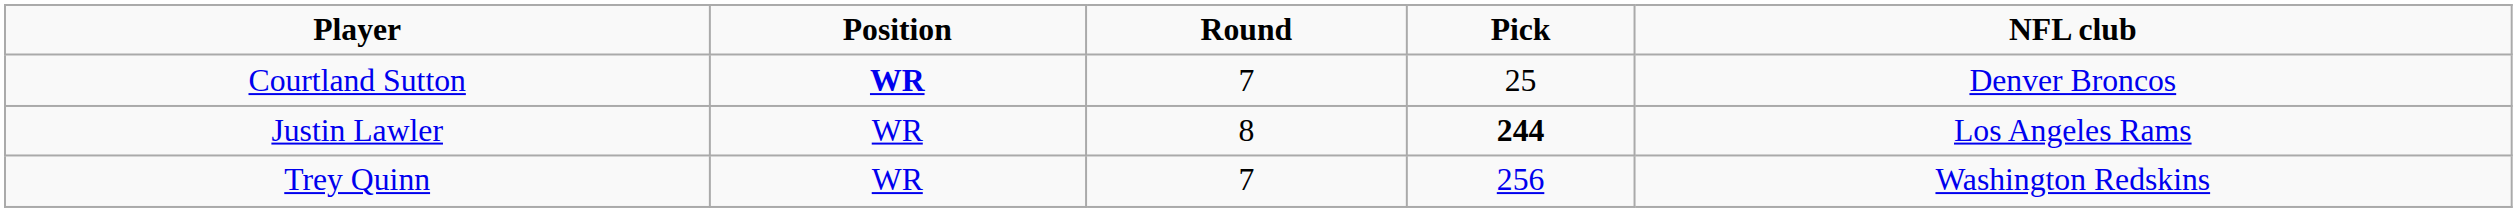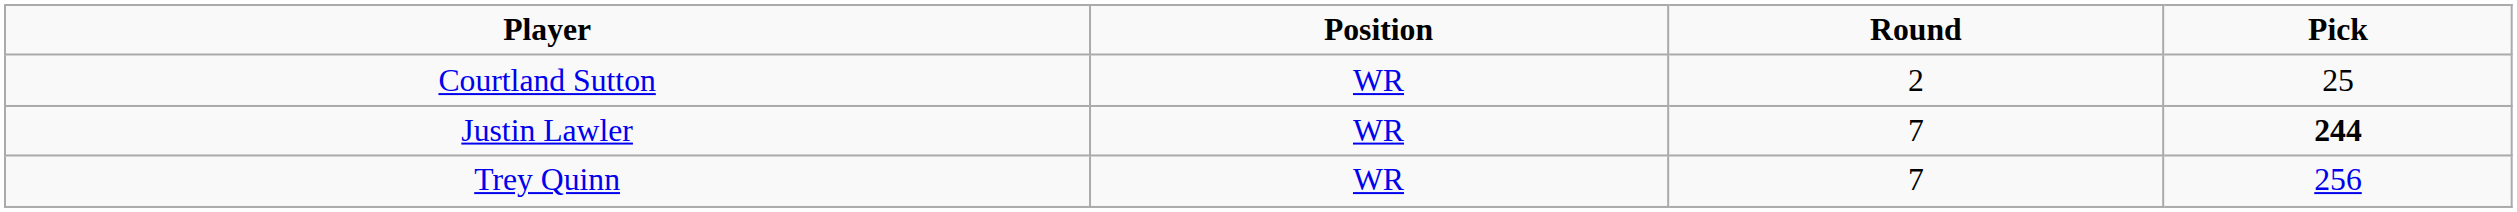 <table class="wikitable" width="80%">
 <tr align="center">
 <td><strong>Player</strong></td>
 <td><strong>Position</strong></td>
 <td><strong>Round</strong></td>
 <td><strong>Pick</strong></td>
-<td><strong>NFL club</strong></td>
 </tr>
 <tr align="center" bgcolor="">
 <td><a href='#'>Courtland Sutton</a></td>
-<td><strong><a href='#'>WR</a></strong></td>
-<td>7</td>
+<td><a href='#'>WR</a></td>
+<td>2</td>
 <td>25</td>
-<td><a href='#'>Denver Broncos</a></td>
 </tr>
 <tr align="center" bgcolor="">
 <td><a href='#'>Justin Lawler</a></td>
 <td><a href='#'>WR</a></td>
-<td>8</td>
+<td>7</td>
 <td><strong>244</strong></td>
-<td><a href='#'>Los Angeles Rams</a></td>
 </tr>
 <tr align="center" bgcolor="">
 <td><a href='#'>Trey Quinn</a></td>
 <td><a href='#'>WR</a></td>
 <td>7</td>
 <td><a href='#'>256</a></td>
-<td><a href='#'>Washington Redskins</a></td>
 </tr>
 </table>
